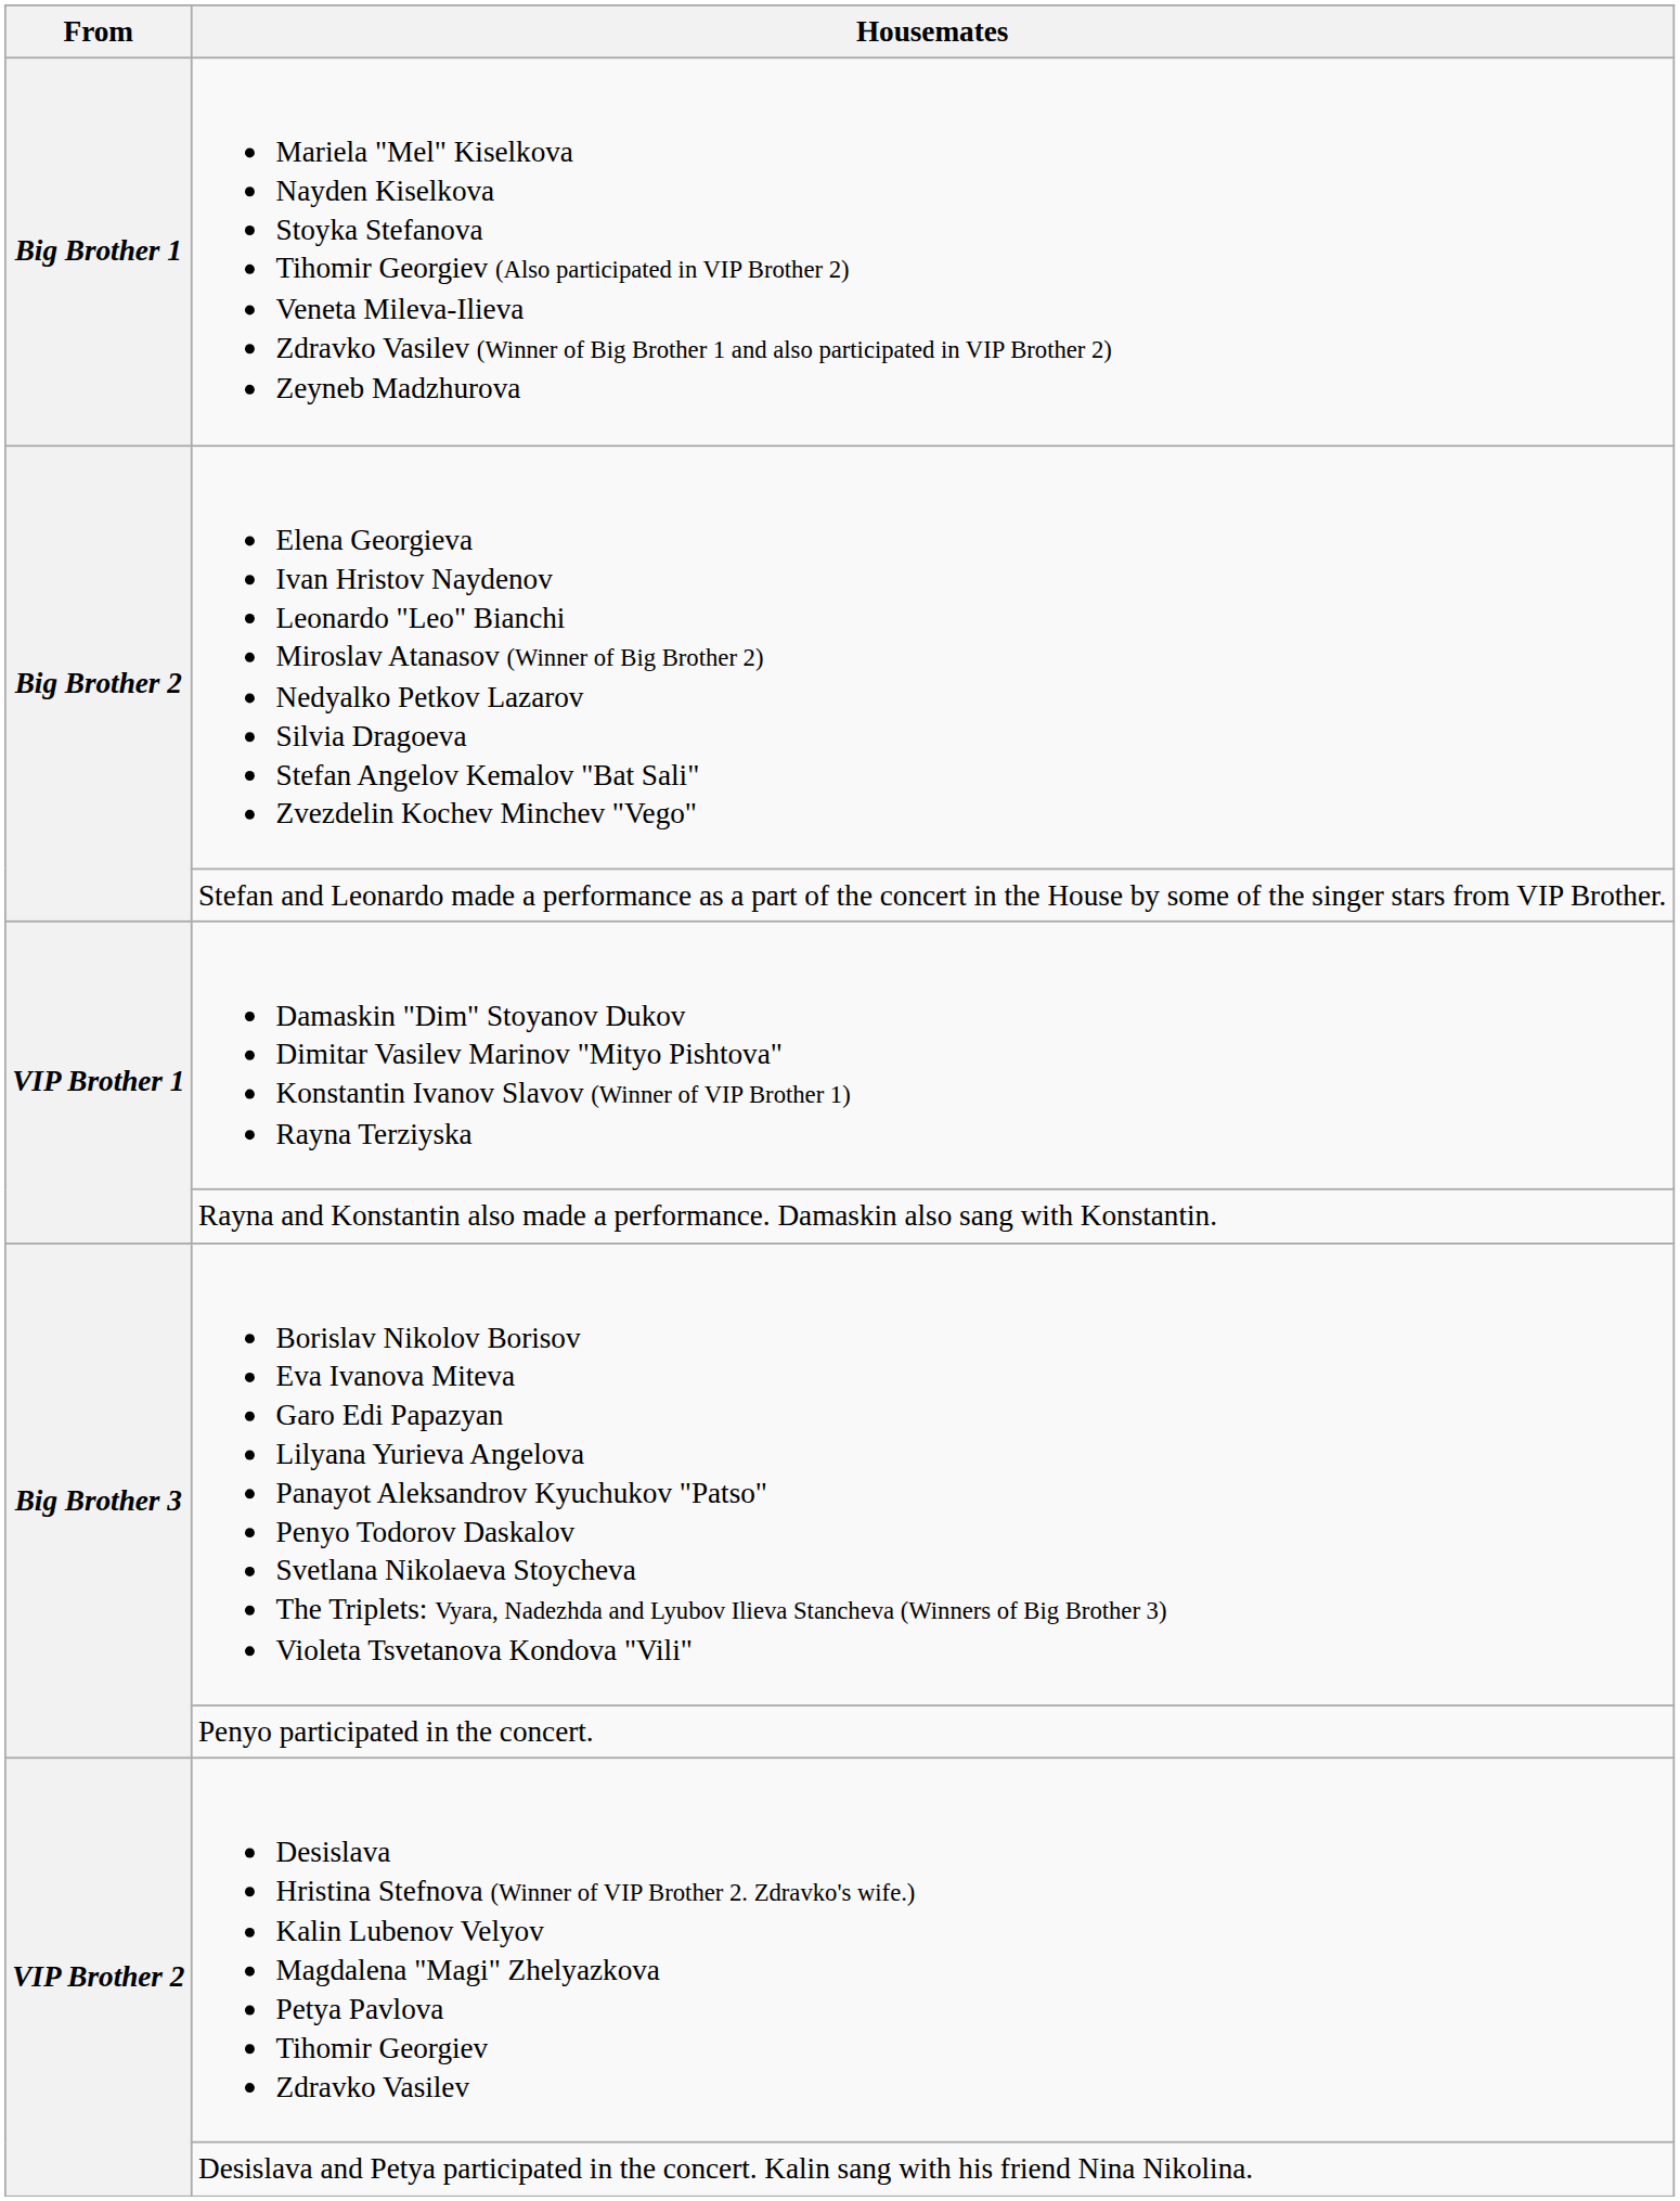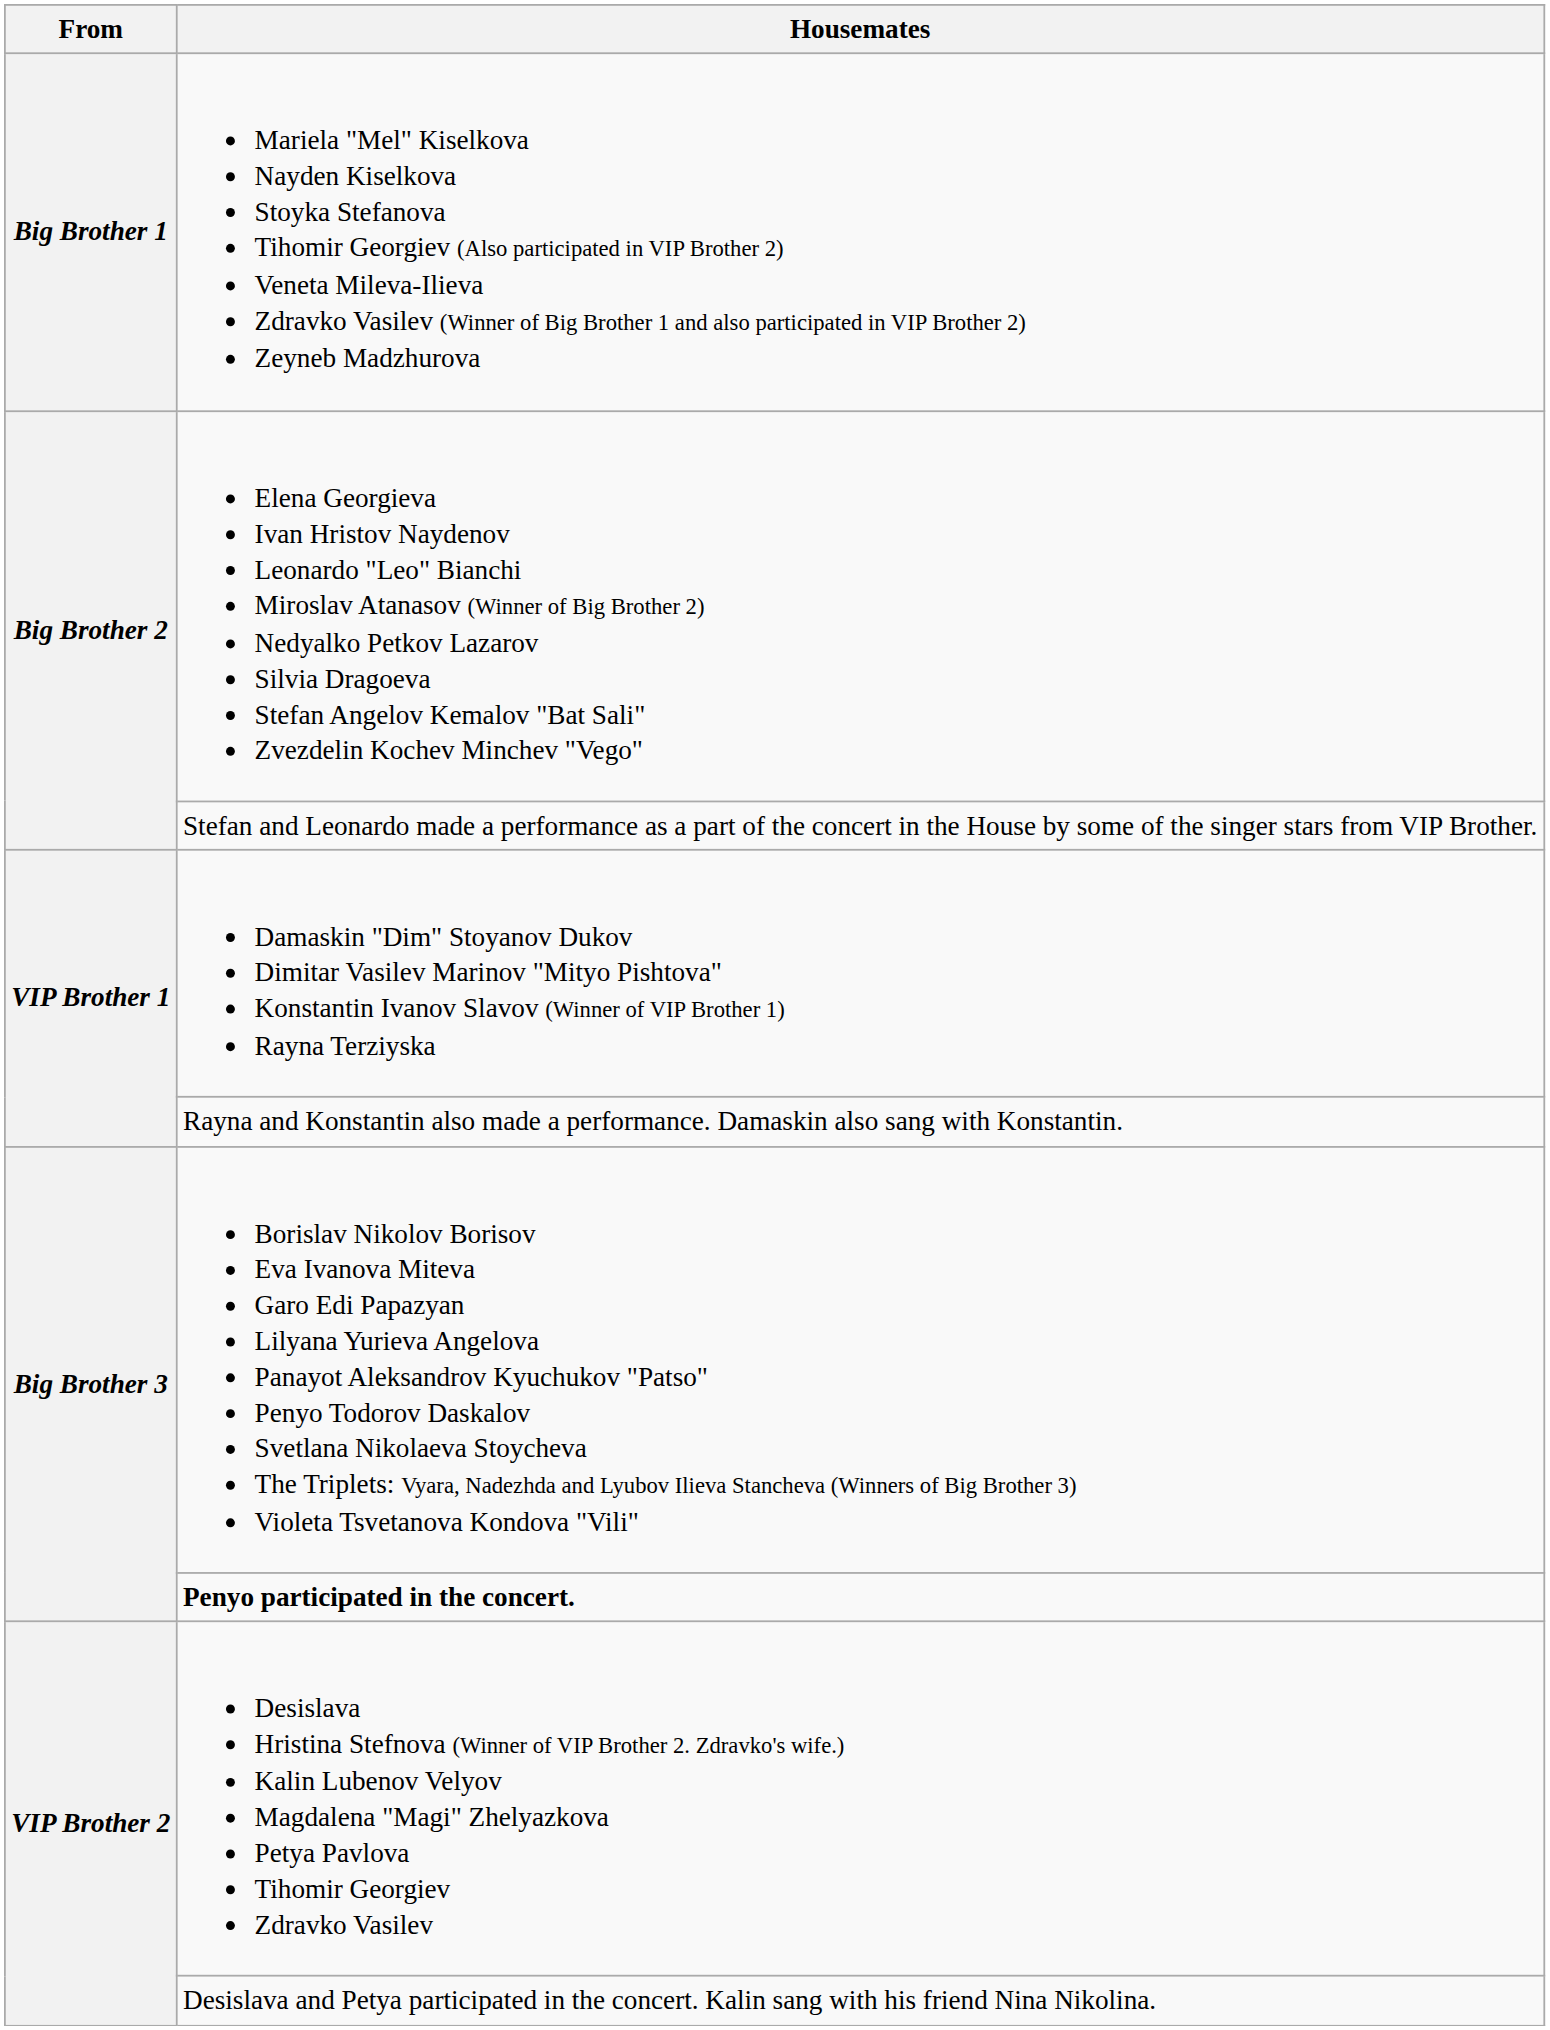 <table class="wikitable" style="text-align:left; width: auto; font-size:95%; line-height:20px;">
 <tr>
 <th>From</th>
 <th>Housemates</th>
 </tr>
 <tr>
 <th><em>Big Brother 1</em></th>
 <td><br><ul><li>Mariela "Mel" Kiselkova</li><li>Nayden Kiselkova</li><li>Stoyka Stefanova</li><li>Tihomir Georgiev <small>(Also participated in VIP Brother 2)</small></li><li>Veneta Mileva-Ilieva</li><li>Zdravko Vasilev <small>(Winner of Big Brother 1 and also participated in VIP Brother 2)</small></li><li>Zeyneb Madzhurova</li></ul></td>
 </tr>
 <tr>
 <th rowspan="2"><em>Big Brother 2</em></th>
 <td><br><ul><li>Elena Georgieva</li><li>Ivan Hristov Naydenov</li><li>Leonardo "Leo" Bianchi</li><li>Miroslav Atanasov <small>(Winner of Big Brother 2)</small></li><li>Nedyalko Petkov Lazarov</li><li>Silvia Dragoeva</li><li>Stefan Angelov Kemalov "Bat Sali"</li><li>Zvezdelin Kochev Minchev "Vego"</li></ul></td>
 </tr>
 <tr>
 <td>Stefan and Leonardo made a performance as a part of the concert in the House by some of the singer stars from VIP Brother.</td>
 </tr>
 <tr>
 <th rowspan="2"><em>VIP Brother 1</em></th>
 <td><br><ul><li>Damaskin "Dim" Stoyanov Dukov</li><li>Dimitar Vasilev Marinov "Mityo Pishtova"</li><li>Konstantin Ivanov Slavov <small>(Winner of VIP Brother 1)</small></li><li>Rayna Terziyska</li></ul></td>
 </tr>
 <tr>
 <td>Rayna and Konstantin also made a performance. Damaskin also sang with Konstantin.</td>
 </tr>
 <tr>
 <th rowspan="2"><em>Big Brother 3</em></th>
 <td><br><ul><li>Borislav Nikolov Borisov</li><li>Eva Ivanova Miteva</li><li>Garo Edi Papazyan</li><li>Lilyana Yurieva Angelova</li><li>Panayot Aleksandrov Kyuchukov "Patso"</li><li>Penyo Todorov Daskalov</li><li>Svetlana Nikolaeva Stoycheva</li><li>The Triplets: <small>Vyara, Nadezhda and Lyubov Ilieva Stancheva (Winners of Big Brother 3)</small></li><li>Violeta Tsvetanova Kondova "Vili"</li></ul></td>
 </tr>
 <tr>
-<td>Penyo participated in the concert.</td>
+<td><strong>Penyo participated in the concert.</strong></td>
 </tr>
 <tr>
 <th rowspan="2"><em>VIP Brother 2</em></th>
 <td><br><ul><li>Desislava</li><li>Hristina Stefnova <small>(Winner of VIP Brother 2. Zdravko's wife.)</small></li><li>Kalin Lubenov Velyov</li><li>Magdalena "Magi" Zhelyazkova</li><li>Petya Pavlova</li><li>Tihomir Georgiev</li><li>Zdravko Vasilev</li></ul></td>
 </tr>
 <tr>
 <td>Desislava and Petya participated in the concert. Kalin sang with his friend Nina Nikolina.</td>
 </tr>
 </table>
